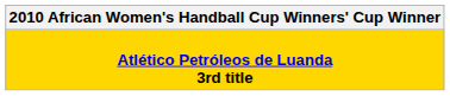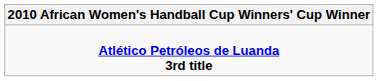 <table class=wikitable style="text-align:center; margin:auto">
 <tr>
 <th>2010 African Women's Handball Cup Winners' Cup Winner</th>
 </tr>
 <tr>
-<td style="background: gold;"><br><strong><a href='#'>Atlético Petróleos de Luanda</a></strong><br><strong>3rd title</strong></td>
+<td><br><strong><a href='#'>Atlético Petróleos de Luanda</a></strong><br><strong>3rd title</strong></td>
 </tr>
 </table>
